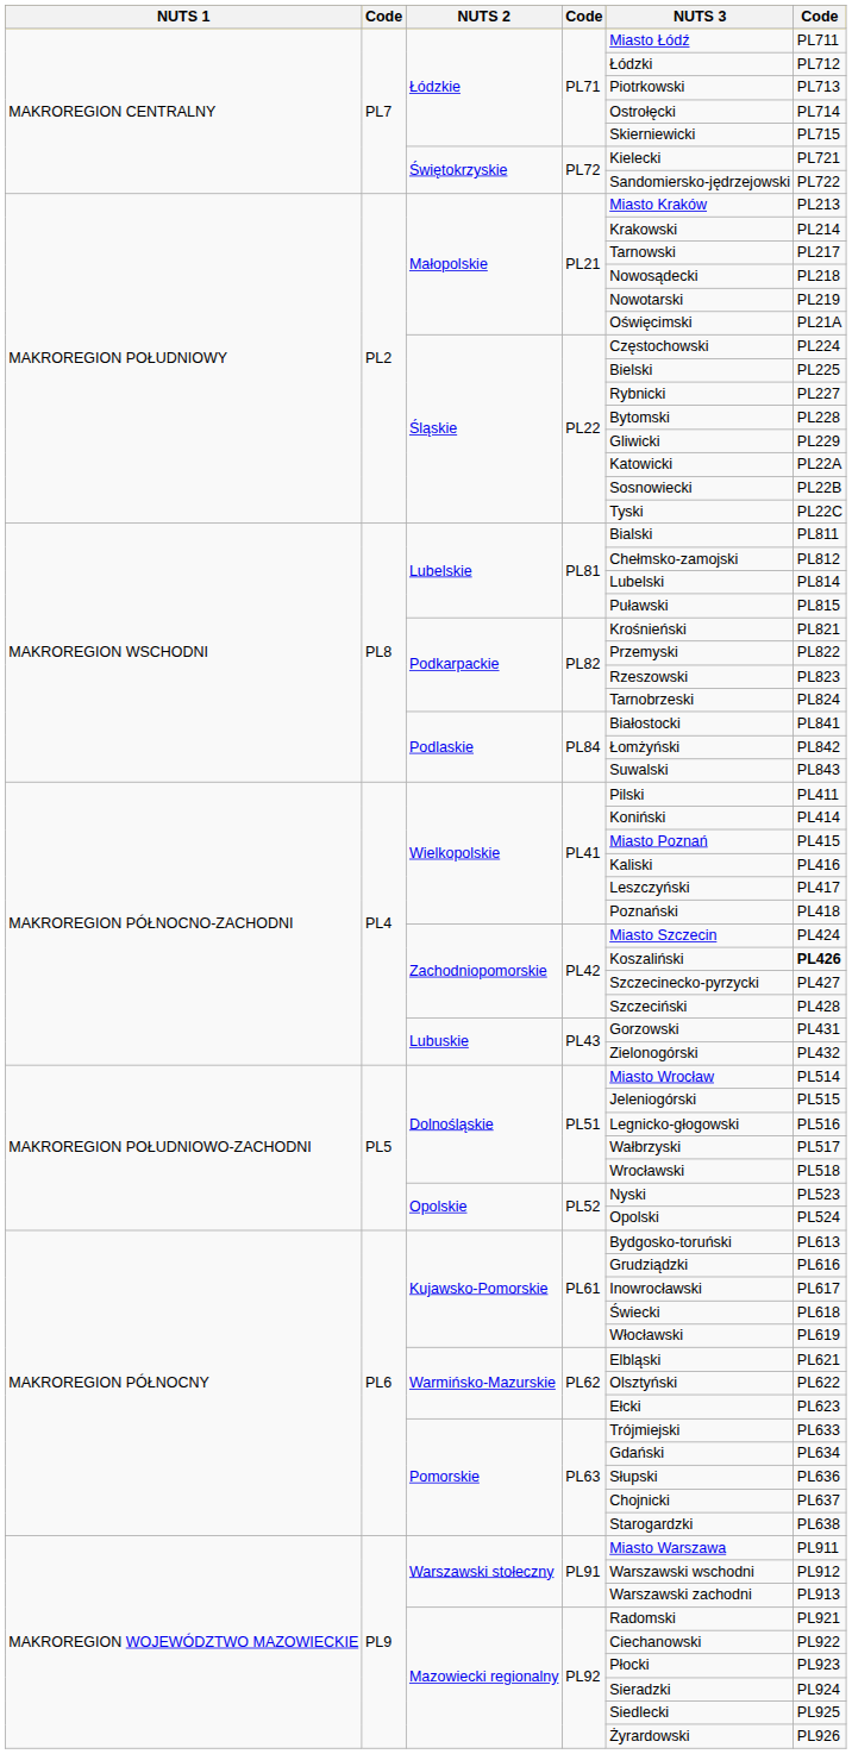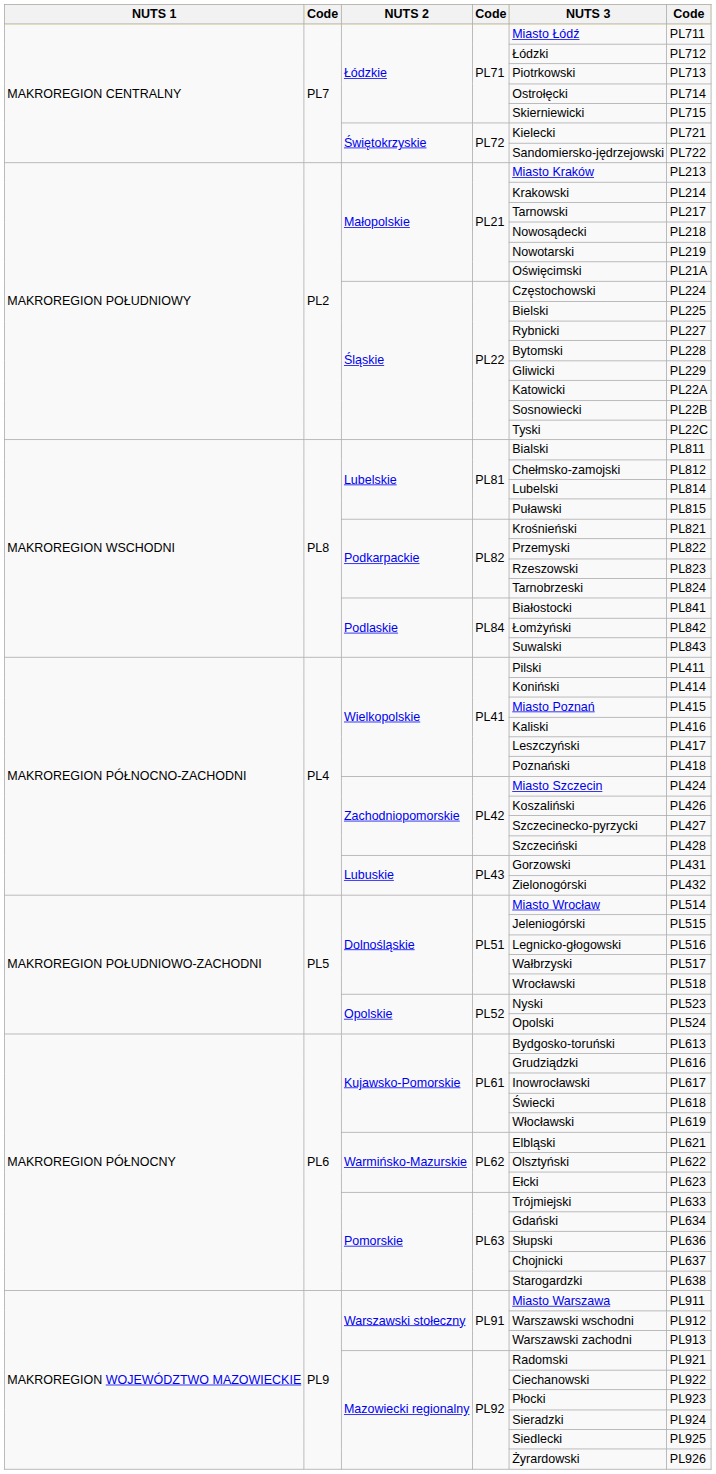 <table cellspacing="0" cellpadding="2" align="center" border="1" class="wikitable">
 <tr style="background-color:#ffd700;text-align:left">
 <th>NUTS 1</th>
 <th>Code</th>
 <th>NUTS 2</th>
 <th>Code</th>
 <th>NUTS 3</th>
 <th>Code</th>
 </tr>
 <tr>
 <td rowspan="7">MAKROREGION CENTRALNY</td>
 <td rowspan="7">PL7</td>
 <td rowspan="5"><a href='#'>Łódzkie</a></td>
 <td rowspan="5">PL71</td>
 <td><a href='#'>Miasto Łódź</a></td>
 <td>PL711</td>
 </tr>
 <tr>
 <td>Łódzki</td>
 <td>PL712</td>
 </tr>
 <tr>
 <td>Piotrkowski</td>
 <td>PL713</td>
 </tr>
 <tr>
 <td>Ostrołęcki</td>
 <td>PL714</td>
 </tr>
 <tr>
 <td>Skierniewicki</td>
 <td>PL715</td>
 </tr>
 <tr>
 <td rowspan="2"><a href='#'>Świętokrzyskie</a></td>
 <td rowspan="2">PL72</td>
 <td>Kielecki</td>
 <td>PL721</td>
 </tr>
 <tr>
 <td>Sandomiersko-jędrzejowski</td>
 <td>PL722</td>
 </tr>
 <tr>
 <td rowspan="14">MAKROREGION POŁUDNIOWY</td>
 <td rowspan="14">PL2</td>
 <td rowspan="6"><a href='#'>Małopolskie</a></td>
 <td rowspan="6">PL21</td>
 <td><a href='#'>Miasto Kraków</a></td>
 <td>PL213</td>
 </tr>
 <tr>
 <td>Krakowski</td>
 <td>PL214</td>
 </tr>
 <tr>
 <td>Tarnowski</td>
 <td>PL217</td>
 </tr>
 <tr>
 <td>Nowosądecki</td>
 <td>PL218</td>
 </tr>
 <tr>
 <td>Nowotarski</td>
 <td>PL219</td>
 </tr>
 <tr>
 <td>Oświęcimski</td>
 <td>PL21A</td>
 </tr>
 <tr>
 <td rowspan="8"><a href='#'>Śląskie</a></td>
 <td rowspan="8">PL22</td>
 <td>Częstochowski</td>
 <td>PL224</td>
 </tr>
 <tr>
 <td>Bielski</td>
 <td>PL225</td>
 </tr>
 <tr>
 <td>Rybnicki</td>
 <td>PL227</td>
 </tr>
 <tr>
 <td>Bytomski</td>
 <td>PL228</td>
 </tr>
 <tr>
 <td>Gliwicki</td>
 <td>PL229</td>
 </tr>
 <tr>
 <td>Katowicki</td>
 <td>PL22A</td>
 </tr>
 <tr>
 <td>Sosnowiecki</td>
 <td>PL22B</td>
 </tr>
 <tr>
 <td>Tyski</td>
 <td>PL22C</td>
 </tr>
 <tr>
 <td rowspan="11">MAKROREGION WSCHODNI</td>
 <td rowspan="11">PL8</td>
 <td rowspan="4"><a href='#'>Lubelskie</a></td>
 <td rowspan="4">PL81</td>
 <td>Bialski</td>
 <td>PL811</td>
 </tr>
 <tr>
 <td>Chełmsko-zamojski</td>
 <td>PL812</td>
 </tr>
 <tr>
 <td>Lubelski</td>
 <td>PL814</td>
 </tr>
 <tr>
 <td>Puławski</td>
 <td>PL815</td>
 </tr>
 <tr>
 <td rowspan="4"><a href='#'>Podkarpackie</a></td>
 <td rowspan="4">PL82</td>
 <td>Krośnieński</td>
 <td>PL821</td>
 </tr>
 <tr>
 <td>Przemyski</td>
 <td>PL822</td>
 </tr>
 <tr>
 <td>Rzeszowski</td>
 <td>PL823</td>
 </tr>
 <tr>
 <td>Tarnobrzeski</td>
 <td>PL824</td>
 </tr>
 <tr>
 <td rowspan="3"><a href='#'>Podlaskie</a></td>
 <td rowspan="3">PL84</td>
 <td>Białostocki</td>
 <td>PL841</td>
 </tr>
 <tr>
 <td>Łomżyński</td>
 <td>PL842</td>
 </tr>
 <tr>
 <td>Suwalski</td>
 <td>PL843</td>
 </tr>
 <tr>
 <td rowspan="12">MAKROREGION PÓŁNOCNO-ZACHODNI</td>
 <td rowspan="12">PL4</td>
 <td rowspan="6"><a href='#'>Wielkopolskie</a></td>
 <td rowspan="6">PL41</td>
 <td>Pilski</td>
 <td>PL411</td>
 </tr>
 <tr>
 <td>Koniński</td>
 <td>PL414</td>
 </tr>
 <tr>
 <td><a href='#'>Miasto Poznań</a></td>
 <td>PL415</td>
 </tr>
 <tr>
 <td>Kaliski</td>
 <td>PL416</td>
 </tr>
 <tr>
 <td>Leszczyński</td>
 <td>PL417</td>
 </tr>
 <tr>
 <td>Poznański</td>
 <td>PL418</td>
 </tr>
 <tr>
 <td rowspan="4"><a href='#'>Zachodniopomorskie</a></td>
 <td rowspan="4">PL42</td>
 <td><a href='#'>Miasto Szczecin</a></td>
 <td>PL424</td>
 </tr>
 <tr>
 <td>Koszaliński</td>
-<td><strong>PL426</strong></td>
+<td>PL426</td>
 </tr>
 <tr>
 <td>Szczecinecko-pyrzycki</td>
 <td>PL427</td>
 </tr>
 <tr>
 <td>Szczeciński</td>
 <td>PL428</td>
 </tr>
 <tr>
 <td rowspan="2"><a href='#'>Lubuskie</a></td>
 <td rowspan="2">PL43</td>
 <td>Gorzowski</td>
 <td>PL431</td>
 </tr>
 <tr>
 <td>Zielonogórski</td>
 <td>PL432</td>
 </tr>
 <tr>
 <td rowspan="7">MAKROREGION POŁUDNIOWO-ZACHODNI</td>
 <td rowspan="7">PL5</td>
 <td rowspan="5"><a href='#'>Dolnośląskie</a></td>
 <td rowspan="5">PL51</td>
 <td><a href='#'>Miasto Wrocław</a></td>
 <td>PL514</td>
 </tr>
 <tr>
 <td>Jeleniogórski</td>
 <td>PL515</td>
 </tr>
 <tr>
 <td>Legnicko-głogowski</td>
 <td>PL516</td>
 </tr>
 <tr>
 <td>Wałbrzyski</td>
 <td>PL517</td>
 </tr>
 <tr>
 <td>Wrocławski</td>
 <td>PL518</td>
 </tr>
 <tr>
 <td rowspan="2"><a href='#'>Opolskie</a></td>
 <td rowspan="2">PL52</td>
 <td>Nyski</td>
 <td>PL523</td>
 </tr>
 <tr>
 <td>Opolski</td>
 <td>PL524</td>
 </tr>
 <tr>
 <td rowspan="13">MAKROREGION PÓŁNOCNY</td>
 <td rowspan="13">PL6</td>
 <td rowspan="5"><a href='#'>Kujawsko-Pomorskie</a></td>
 <td rowspan="5">PL61</td>
 <td>Bydgosko-toruński</td>
 <td>PL613</td>
 </tr>
 <tr>
 <td>Grudziądzki</td>
 <td>PL616</td>
 </tr>
 <tr>
 <td>Inowrocławski</td>
 <td>PL617</td>
 </tr>
 <tr>
 <td>Świecki</td>
 <td>PL618</td>
 </tr>
 <tr>
 <td>Włocławski</td>
 <td>PL619</td>
 </tr>
 <tr>
 <td rowspan="3"><a href='#'>Warmińsko-Mazurskie</a></td>
 <td rowspan="3">PL62</td>
 <td>Elbląski</td>
 <td>PL621</td>
 </tr>
 <tr>
 <td>Olsztyński</td>
 <td>PL622</td>
 </tr>
 <tr>
 <td>Ełcki</td>
 <td>PL623</td>
 </tr>
 <tr>
 <td rowspan="5"><a href='#'>Pomorskie</a></td>
 <td rowspan="5">PL63</td>
 <td>Trójmiejski</td>
 <td>PL633</td>
 </tr>
 <tr>
 <td>Gdański</td>
 <td>PL634</td>
 </tr>
 <tr>
 <td>Słupski</td>
 <td>PL636</td>
 </tr>
 <tr>
 <td>Chojnicki</td>
 <td>PL637</td>
 </tr>
 <tr>
 <td>Starogardzki</td>
 <td>PL638</td>
 </tr>
 <tr>
 <td rowspan="9">MAKROREGION <a href='#'>WOJEWÓDZTWO MAZOWIECKIE</a></td>
 <td rowspan="9">PL9</td>
 <td rowspan="3"><a href='#'>Warszawski stołeczny</a></td>
 <td rowspan="3">PL91</td>
 <td><a href='#'>Miasto Warszawa</a></td>
 <td>PL911</td>
 </tr>
 <tr>
 <td>Warszawski wschodni</td>
 <td>PL912</td>
 </tr>
 <tr>
 <td>Warszawski zachodni</td>
 <td>PL913</td>
 </tr>
 <tr>
 <td rowspan="6"><a href='#'>Mazowiecki regionalny</a></td>
 <td rowspan="6">PL92</td>
 <td>Radomski</td>
 <td>PL921</td>
 </tr>
 <tr>
 <td>Ciechanowski</td>
 <td>PL922</td>
 </tr>
 <tr>
 <td>Płocki</td>
 <td>PL923</td>
 </tr>
 <tr>
 <td>Sieradzki</td>
 <td>PL924</td>
 </tr>
 <tr>
 <td>Siedlecki</td>
 <td>PL925</td>
 </tr>
 <tr>
 <td>Żyrardowski</td>
 <td>PL926</td>
 </tr>
 </table>
